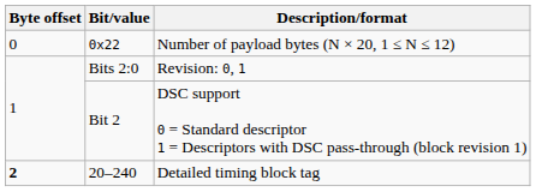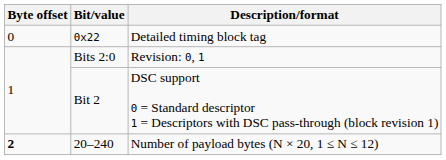 <table class=wikitable>
 <tr>
 <th>Byte offset</th>
 <th>Bit/value</th>
 <th>Description/format</th>
 </tr>
 <tr>
 <td>0</td>
 <td><code>0x22</code></td>
-<td>Number of payload bytes (N × 20, 1 ≤ N ≤ 12)</td>
+<td>Detailed timing block tag</td>
 </tr>
 <tr>
 <td rowspan=2>1</td>
 <td>Bits 2:0</td>
 <td>Revision: <code>0</code>, <code>1</code></td>
 </tr>
 <tr>
 <td>Bit 2</td>
 <td>DSC support<br><br><code>0</code> = Standard descriptor<br> <code>1</code> = Descriptors with DSC pass-through (block revision 1)</td>
 </tr>
 <tr>
 <td><strong>2</strong></td>
 <td>20–240</td>
-<td>Detailed timing block tag</td>
+<td>Number of payload bytes (N × 20, 1 ≤ N ≤ 12)</td>
 </tr>
 </table>
